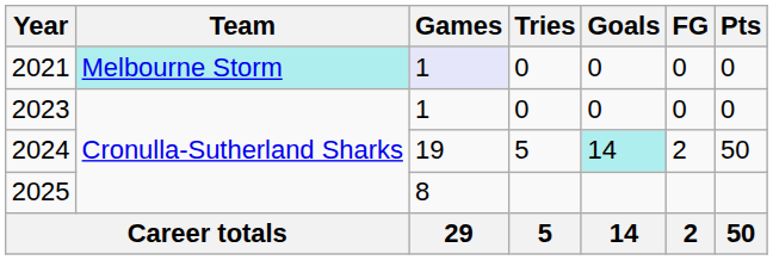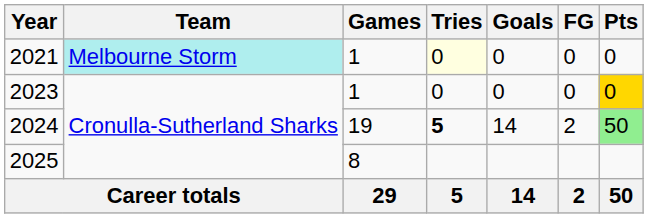 <table class="wikitable">
 <tr>
 <th>Year</th>
 <th>Team</th>
 <th>Games</th>
 <th>Tries</th>
 <th>Goals</th>
 <th>FG</th>
 <th>Pts</th>
 </tr>
 <tr>
 <td>2021</td>
 <td style="background: paleturquoise;"> <a href='#'>Melbourne Storm</a></td>
-<td style="background: lavender;">1</td>
-<td>0</td>
+<td>1</td>
+<td style="background: lightyellow;">0</td>
 <td>0</td>
 <td>0</td>
 <td>0</td>
 </tr>
 <tr>
 <td>2023</td>
 <td rowspan="3"> <a href='#'>Cronulla-Sutherland Sharks</a></td>
 <td>1</td>
 <td>0</td>
 <td>0</td>
 <td>0</td>
-<td>0</td>
+<td style="background: gold;">0</td>
 </tr>
 <tr>
 <td>2024</td>
 <td>19</td>
-<td>5</td>
-<td style="background: paleturquoise;">14</td>
+<td><strong>5</strong></td>
+<td>14</td>
 <td>2</td>
-<td>50</td>
+<td style="background: lightgreen;">50</td>
 </tr>
 <tr>
 <td>2025</td>
 <td>8</td>
 <td></td>
 <td></td>
 <td></td>
 <td></td>
 </tr>
 <tr>
 <th colspan="2">Career totals</th>
 <th>29</th>
 <th><strong>5</strong></th>
 <th><strong>14</strong></th>
 <th><strong>2</strong></th>
 <th><strong>50</strong></th>
 </tr>
 </table>
